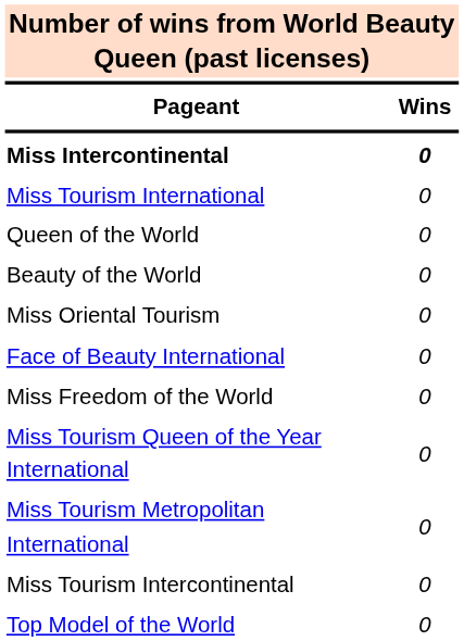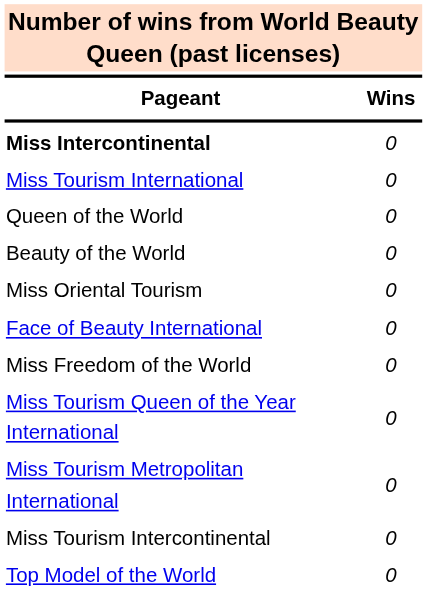 <table class="toccolours" style="width: 30em; float:right; margin-left:1em; font-size:80%; line-height:1.5em; width:30%;">
 <tr>
 <th colspan="2" align="center" style="background:#FFDDCA;"><big>Number of wins from World Beauty Queen (past licenses)</big></th>
 </tr>
 <tr>
 <td colspan="2" style="background:black"></td>
 </tr>
 <tr>
 <th scope="col">Pageant</th>
 <th scope="col">Wins</th>
 </tr>
 <tr>
 <td colspan="2" style="background:black"></td>
 </tr>
 <tr>
 <td align="left"><strong>Miss Intercontinental</strong></td>
-<td align="center"><strong><em>0</em></strong></td>
+<td align="center"><em>0</em></td>
 </tr>
 <tr>
 <td align="left"><a href='#'>Miss Tourism International</a></td>
 <td align="center"><em>0</em></td>
 </tr>
 <tr>
 <td align="left">Queen of the World</td>
 <td align="center"><em>0</em></td>
 </tr>
 <tr>
 <td align="left">Beauty of the World</td>
 <td align="center"><em>0</em></td>
 </tr>
 <tr>
 <td align="left">Miss Oriental Tourism</td>
 <td align="center"><em>0</em></td>
 </tr>
 <tr>
 <td align="left"><a href='#'>Face of Beauty International</a></td>
 <td align="center"><em>0</em></td>
 </tr>
 <tr>
 <td align="left">Miss Freedom of the World</td>
 <td align="center"><em>0</em></td>
 </tr>
 <tr>
 <td align="left"><a href='#'>Miss Tourism Queen of the Year International</a></td>
 <td align="center"><em>0</em></td>
 </tr>
 <tr>
 <td align="left"><a href='#'>Miss Tourism Metropolitan International</a></td>
 <td align="center"><em>0</em></td>
 </tr>
 <tr>
 <td align="left">Miss Tourism Intercontinental</td>
 <td align="center"><em>0</em></td>
 </tr>
 <tr>
 <td align="left"><a href='#'>Top Model of the World</a></td>
 <td align="center"><em>0</em></td>
 </tr>
 <tr>
 </tr>
 </table>
